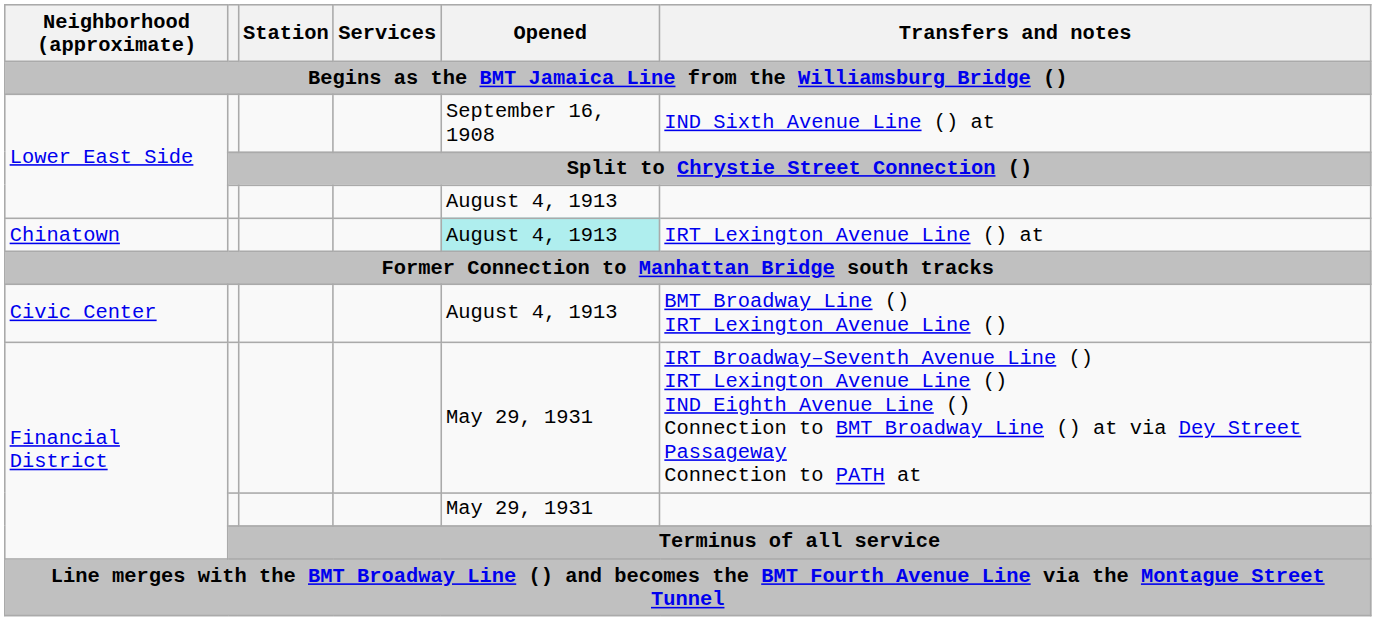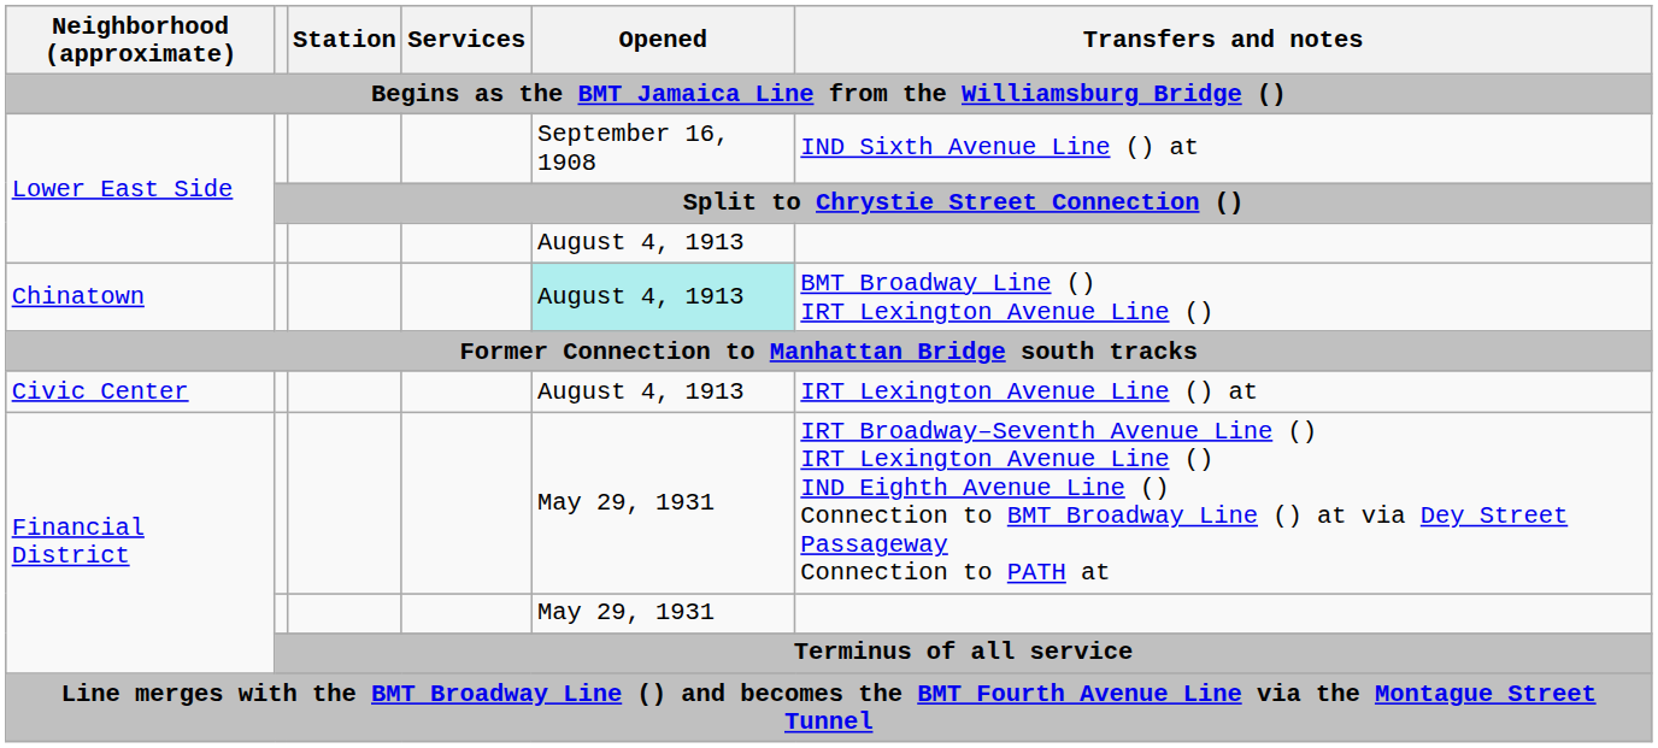 <table class="wikitable">
 <tr>
 <th>Neighborhood<br>(approximate)</th>
 <th></th>
 <th>Station</th>
 <th>Services</th>
 <th>Opened</th>
 <th>Transfers and notes</th>
 </tr>
 <tr>
 <th colspan=6 style="background-color: silver;">Begins as the <a href='#'>BMT Jamaica Line</a> from the <a href='#'>Williamsburg Bridge</a> ()</th>
 </tr>
 <tr>
 <td rowspan=3><a href='#'>Lower East Side</a></td>
 <td></td>
 <td></td>
 <td></td>
 <td>September 16, 1908</td>
 <td><a href='#'>IND Sixth Avenue Line</a> () at </td>
 </tr>
 <tr>
 <th colspan=5 style="background-color: silver;">Split to <a href='#'>Chrystie Street Connection</a> ()</th>
 </tr>
 <tr>
 <td></td>
 <td></td>
 <td></td>
 <td>August 4, 1913</td>
 <td></td>
 </tr>
 <tr>
 <td rowspan=1><a href='#'>Chinatown</a></td>
 <td align=center></td>
 <td></td>
 <td></td>
 <td style="background: paleturquoise;">August 4, 1913</td>
-<td><a href='#'>IRT Lexington Avenue Line</a> () at </td>
+<td><a href='#'>BMT Broadway Line</a> ()<br><a href='#'>IRT Lexington Avenue Line</a> ()</td>
 </tr>
 <tr>
 <th colspan=6 style="background-color: silver;">Former Connection to <a href='#'>Manhattan Bridge</a> south tracks</th>
 </tr>
 <tr>
 <td rowspan=1><a href='#'>Civic Center</a></td>
 <td align=center></td>
 <td></td>
 <td></td>
 <td>August 4, 1913</td>
-<td><a href='#'>BMT Broadway Line</a> ()<br><a href='#'>IRT Lexington Avenue Line</a> ()</td>
+<td><a href='#'>IRT Lexington Avenue Line</a> () at </td>
 </tr>
 <tr>
 <td rowspan=3><a href='#'>Financial District</a></td>
 <td align=center></td>
 <td></td>
 <td></td>
 <td>May 29, 1931</td>
 <td><a href='#'>IRT Broadway–Seventh Avenue Line</a> ()<br><a href='#'>IRT Lexington Avenue Line</a> ()<br><a href='#'>IND Eighth Avenue Line</a> ()<br>Connection to <a href='#'>BMT Broadway Line</a> () at  via <a href='#'>Dey Street Passageway</a><br>Connection to <a href='#'>PATH</a> at </td>
 </tr>
 <tr>
 <td></td>
 <td></td>
 <td></td>
 <td>May 29, 1931</td>
 <td></td>
 </tr>
 <tr>
 <th colspan=5 style="background-color: silver;">Terminus of all service</th>
 </tr>
 <tr>
 <th colspan=6 style="background-color: silver;">Line merges with the <a href='#'>BMT Broadway Line</a> () and becomes the <a href='#'>BMT Fourth Avenue Line</a> via the <a href='#'>Montague Street Tunnel</a></th>
 </tr>
 </table>
